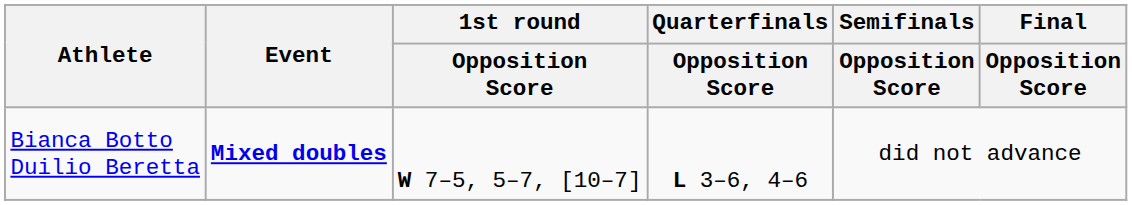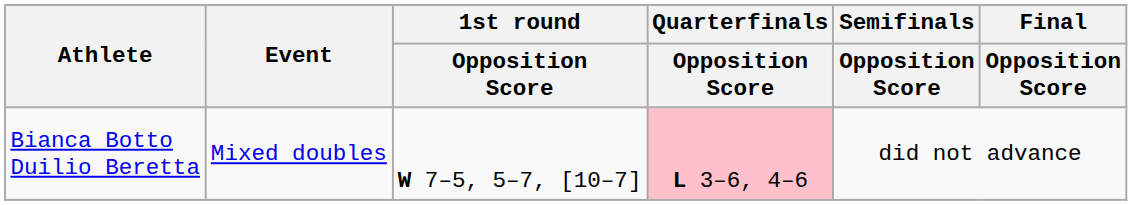 <table class="wikitable" border="1" style="font-size:90%">
 <tr>
 <th rowspan=2>Athlete</th>
 <th rowspan=2>Event</th>
 <th>1st round</th>
 <th>Quarterfinals</th>
 <th>Semifinals</th>
 <th>Final</th>
 </tr>
 <tr>
 <th>Opposition<br>Score</th>
 <th>Opposition<br>Score</th>
 <th>Opposition<br>Score</th>
 <th>Opposition<br>Score</th>
 </tr>
 <tr>
 <td><a href='#'>Bianca Botto</a><br><a href='#'>Duilio Beretta</a></td>
-<td><strong><a href='#'>Mixed doubles</a></strong></td>
+<td><a href='#'>Mixed doubles</a></td>
 <td align=center><br><br><strong>W</strong> 7–5, 5–7, [10–7]</td>
-<td align=center><br><br><strong>L</strong> 3–6, 4–6</td>
+<td align=center style="background: pink;"><br><br><strong>L</strong> 3–6, 4–6</td>
 <td align="center" colspan="7">did not advance</td>
 </tr>
 </table>
